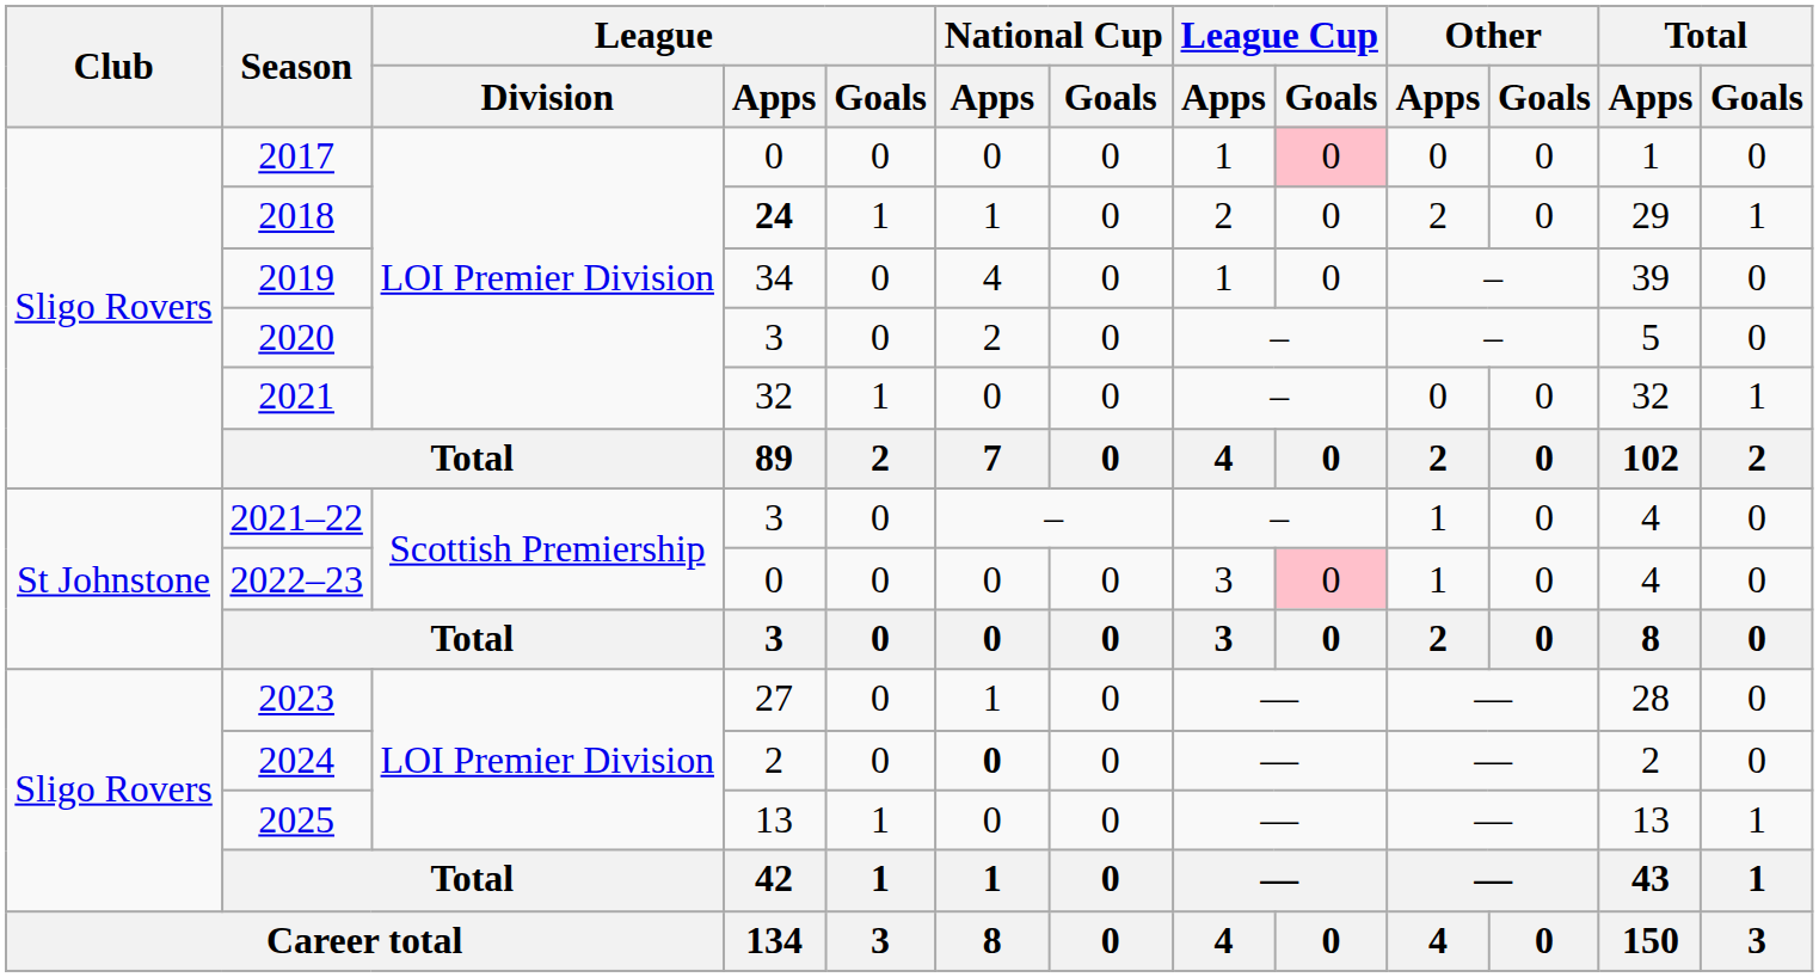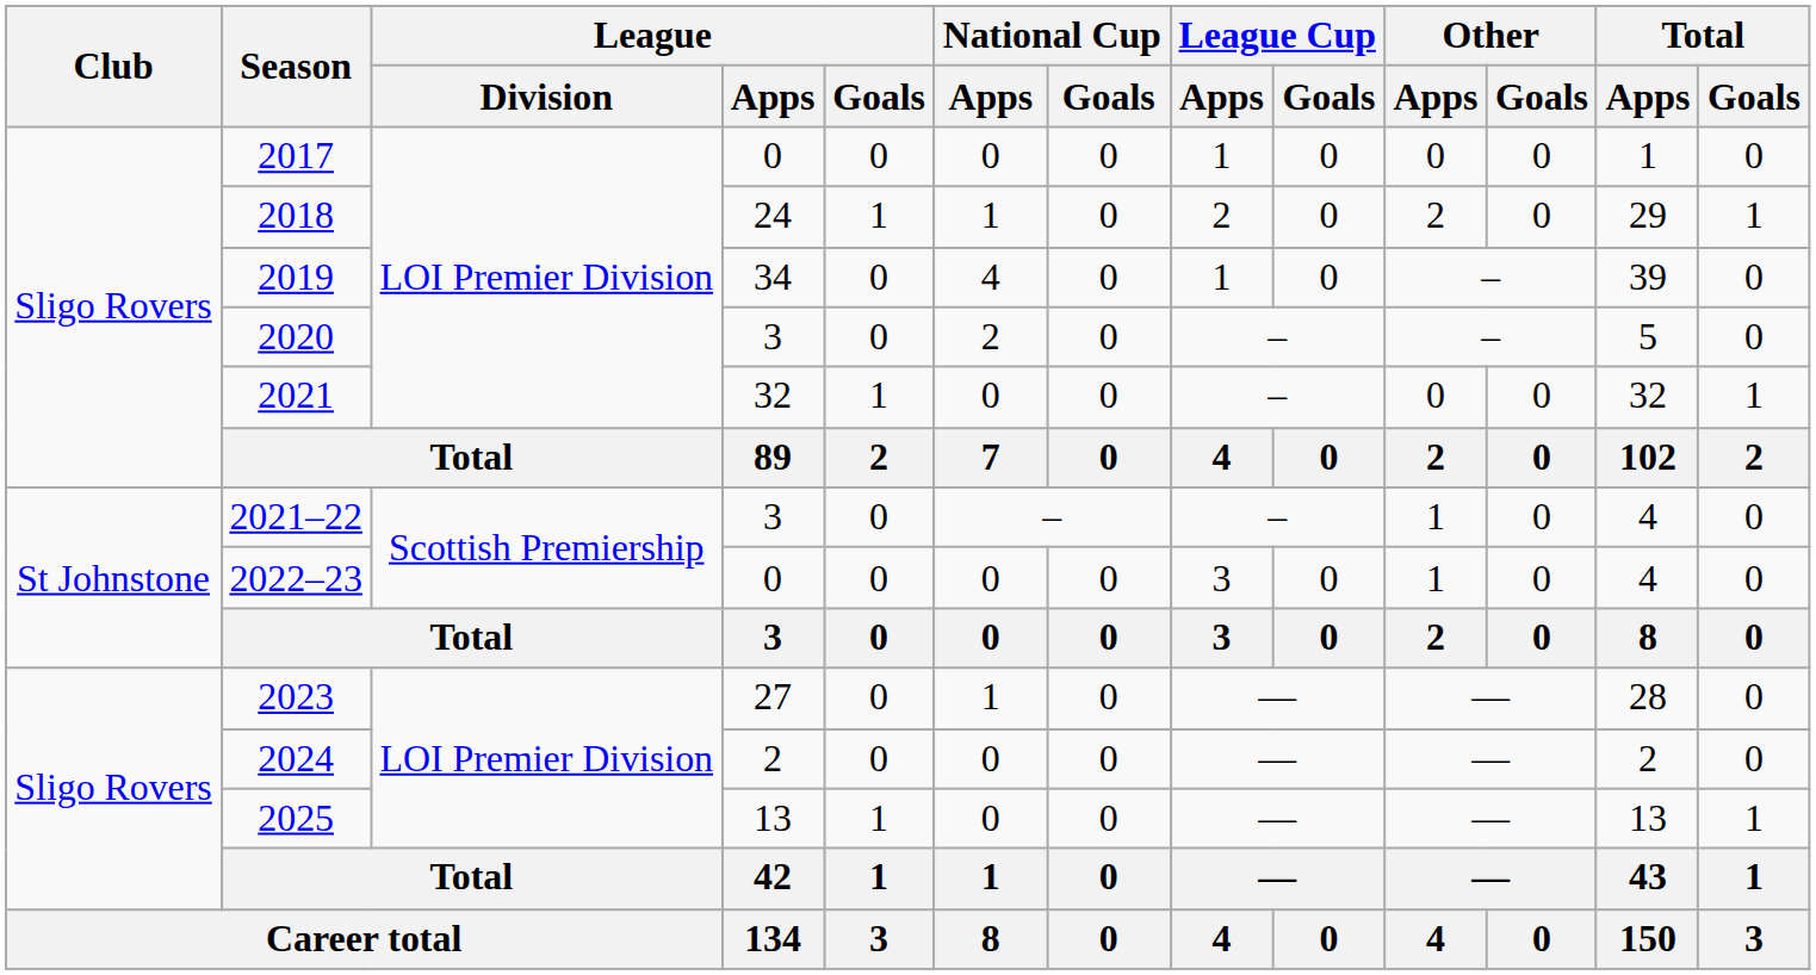 <table class="wikitable" style="text-align:center">
 <tr>
 <th rowspan="2">Club</th>
 <th rowspan="2">Season</th>
 <th colspan="3">League</th>
 <th colspan="2">National Cup</th>
 <th colspan="2"><a href='#'>League Cup</a></th>
 <th colspan="2">Other</th>
 <th colspan="2">Total</th>
 </tr>
 <tr>
 <th>Division</th>
 <th>Apps</th>
 <th>Goals</th>
 <th>Apps</th>
 <th>Goals</th>
 <th>Apps</th>
 <th>Goals</th>
 <th>Apps</th>
 <th>Goals</th>
 <th>Apps</th>
 <th>Goals</th>
 </tr>
 <tr>
 <td rowspan="6"><a href='#'>Sligo Rovers</a></td>
 <td><a href='#'>2017</a></td>
 <td rowspan="5"><a href='#'>LOI Premier Division</a></td>
 <td>0</td>
 <td>0</td>
 <td>0</td>
 <td>0</td>
 <td>1</td>
-<td style="background: pink;">0</td>
+<td>0</td>
 <td>0</td>
 <td>0</td>
 <td>1</td>
 <td>0</td>
 </tr>
 <tr>
 <td><a href='#'>2018</a></td>
-<td><strong>24</strong></td>
+<td>24</td>
 <td>1</td>
 <td>1</td>
 <td>0</td>
 <td>2</td>
 <td>0</td>
 <td>2</td>
 <td>0</td>
 <td>29</td>
 <td>1</td>
 </tr>
 <tr>
 <td><a href='#'>2019</a></td>
 <td>34</td>
 <td>0</td>
 <td>4</td>
 <td>0</td>
 <td>1</td>
 <td>0</td>
 <td colspan="2">–</td>
 <td>39</td>
 <td>0</td>
 </tr>
 <tr>
 <td><a href='#'>2020</a></td>
 <td>3</td>
 <td>0</td>
 <td>2</td>
 <td>0</td>
 <td colspan="2">–</td>
 <td colspan="2">–</td>
 <td>5</td>
 <td>0</td>
 </tr>
 <tr>
 <td><a href='#'>2021</a></td>
 <td>32</td>
 <td>1</td>
 <td>0</td>
 <td>0</td>
 <td colspan="2">–</td>
 <td>0</td>
 <td>0</td>
 <td>32</td>
 <td>1</td>
 </tr>
 <tr>
 <th colspan="2">Total</th>
 <th>89</th>
 <th>2</th>
 <th>7</th>
 <th>0</th>
 <th>4</th>
 <th>0</th>
 <th>2</th>
 <th>0</th>
 <th>102</th>
 <th>2</th>
 </tr>
 <tr>
 <td rowspan="3"><a href='#'>St Johnstone</a></td>
 <td><a href='#'>2021–22</a></td>
 <td rowspan="2"><a href='#'>Scottish Premiership</a></td>
 <td>3</td>
 <td>0</td>
 <td colspan="2">–</td>
 <td colspan="2">–</td>
 <td>1</td>
 <td>0</td>
 <td>4</td>
 <td>0</td>
 </tr>
 <tr>
 <td><a href='#'>2022–23</a></td>
 <td>0</td>
 <td>0</td>
 <td>0</td>
 <td>0</td>
 <td>3</td>
-<td style="background: pink;">0</td>
+<td>0</td>
 <td>1</td>
 <td>0</td>
 <td>4</td>
 <td>0</td>
 </tr>
 <tr>
 <th colspan=2>Total</th>
 <th>3</th>
 <th>0</th>
 <th>0</th>
 <th>0</th>
 <th>3</th>
 <th>0</th>
 <th>2</th>
 <th>0</th>
 <th>8</th>
 <th>0</th>
 </tr>
 <tr>
 <td rowspan="4"><a href='#'>Sligo Rovers</a></td>
 <td><a href='#'>2023</a></td>
 <td rowspan="3"><a href='#'>LOI Premier Division</a></td>
 <td>27</td>
 <td>0</td>
 <td>1</td>
 <td>0</td>
 <td colspan="2">—</td>
 <td colspan="2">—</td>
 <td>28</td>
 <td>0</td>
 </tr>
 <tr>
 <td><a href='#'>2024</a></td>
 <td>2</td>
 <td>0</td>
-<td><strong>0</strong></td>
+<td>0</td>
 <td>0</td>
 <td colspan="2">—</td>
 <td colspan="2">—</td>
 <td>2</td>
 <td>0</td>
 </tr>
 <tr>
 <td><a href='#'>2025</a></td>
 <td>13</td>
 <td>1</td>
 <td>0</td>
 <td>0</td>
 <td colspan="2">—</td>
 <td colspan="2">—</td>
 <td>13</td>
 <td>1</td>
 </tr>
 <tr>
 <th colspan=2>Total</th>
 <th>42</th>
 <th>1</th>
 <th>1</th>
 <th>0</th>
 <th colspan="2">—</th>
 <th colspan="2">—</th>
 <th>43</th>
 <th>1</th>
 </tr>
 <tr>
 <th colspan="3">Career total</th>
 <th>134</th>
 <th>3</th>
 <th>8</th>
 <th>0</th>
 <th>4</th>
 <th>0</th>
 <th>4</th>
 <th>0</th>
 <th>150</th>
 <th>3</th>
 </tr>
 </table>
